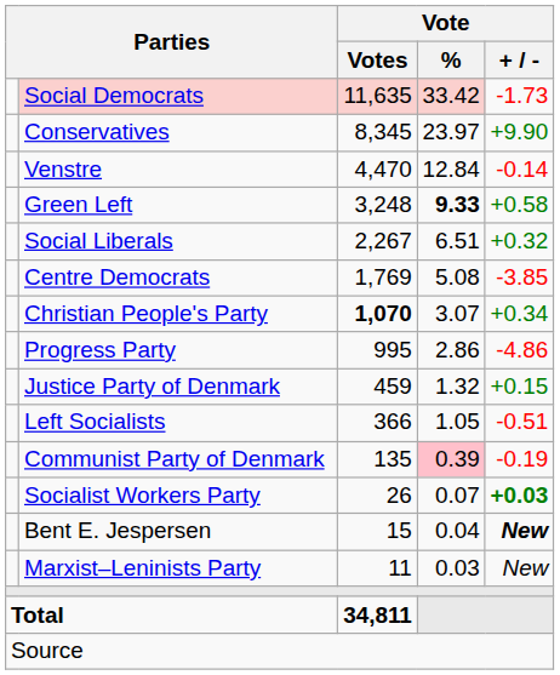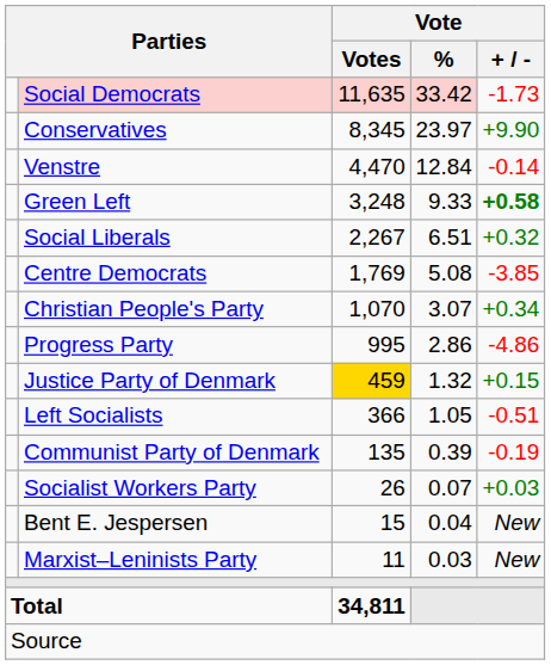 <table class="wikitable" style="text-align:right;">
 <tr>
 <th style="text-align:centre;" rowspan="2" colspan="2" width="225">Parties</th>
 <th colspan="3">Vote</th>
 </tr>
 <tr>
 <th width="15">Votes</th>
 <th width="15">%</th>
 <th width="15">+ / -</th>
 </tr>
 <tr>
 <td width="2" style="color:inherit;background:"></td>
 <td bgcolor=#fbd0ce  align="left"><a href='#'>Social Democrats</a></td>
 <td bgcolor=#fbd0ce>11,635</td>
 <td bgcolor=#fbd0ce>33.42</td>
 <td style=color:red;>-1.73</td>
 </tr>
 <tr>
 <td width="2" style="color:inherit;background:"></td>
 <td align="left"><a href='#'>Conservatives</a></td>
 <td>8,345</td>
 <td>23.97</td>
 <td style=color:green;>+9.90</td>
 </tr>
 <tr>
 <td width="2" style="color:inherit;background:"></td>
 <td align="left"><a href='#'>Venstre</a></td>
 <td>4,470</td>
 <td>12.84</td>
 <td style=color:red;>-0.14</td>
 </tr>
 <tr>
 <td width="2" style="color:inherit;background:"></td>
 <td align="left"><a href='#'>Green Left</a></td>
 <td>3,248</td>
-<td><strong>9.33</strong></td>
-<td style=color:green;>+0.58</td>
+<td>9.33</td>
+<td style=color:green;><strong>+0.58</strong></td>
 </tr>
 <tr>
 <td width="2" style="color:inherit;background:"></td>
 <td align="left"><a href='#'>Social Liberals</a></td>
 <td>2,267</td>
 <td>6.51</td>
 <td style=color:green;>+0.32</td>
 </tr>
 <tr>
 <td width="2" style="color:inherit;background:"></td>
 <td align="left"><a href='#'>Centre Democrats</a></td>
 <td>1,769</td>
 <td>5.08</td>
 <td style=color:red;>-3.85</td>
 </tr>
 <tr>
 <td width="2" style="color:inherit;background:"></td>
 <td align="left"><a href='#'>Christian People's Party</a></td>
-<td><strong>1,070</strong></td>
+<td>1,070</td>
 <td>3.07</td>
 <td style=color:green;>+0.34</td>
 </tr>
 <tr>
 <td width="2" style="color:inherit;background:"></td>
 <td align="left"><a href='#'>Progress Party</a></td>
 <td>995</td>
 <td>2.86</td>
 <td style=color:red;>-4.86</td>
 </tr>
 <tr>
 <td width="2" style="color:inherit;background:"></td>
 <td align="left"><a href='#'>Justice Party of Denmark</a></td>
-<td>459</td>
+<td style="background: gold;">459</td>
 <td>1.32</td>
 <td style=color:green;>+0.15</td>
 </tr>
 <tr>
 <td width="2" style="color:inherit;background:"></td>
 <td align="left"><a href='#'>Left Socialists</a></td>
 <td>366</td>
 <td>1.05</td>
 <td style=color:red;>-0.51</td>
 </tr>
 <tr>
 <td width="2" style="color:inherit;background:"></td>
 <td align="left"><a href='#'>Communist Party of Denmark</a></td>
 <td>135</td>
-<td style="background: pink;">0.39</td>
+<td>0.39</td>
 <td style=color:red;>-0.19</td>
 </tr>
 <tr>
 <td width="2" style="color:inherit;background:"></td>
 <td align="left"><a href='#'>Socialist Workers Party</a></td>
 <td>26</td>
 <td>0.07</td>
-<td style=color:green;><strong>+0.03</strong></td>
+<td style=color:green;>+0.03</td>
 </tr>
 <tr>
 <td width="2" style="color:inherit;background:"></td>
 <td align="left">Bent E.  Jespersen</td>
 <td>15</td>
 <td>0.04</td>
-<td><strong><em>New</em></strong></td>
+<td><em>New</em></td>
 </tr>
 <tr>
 <td width="2" style="color:inherit;background:"></td>
 <td align="left"><a href='#'>Marxist–Leninists Party</a></td>
 <td>11</td>
 <td>0.03</td>
 <td><em>New</em></td>
 </tr>
 <tr>
 <td colspan="7" bgcolor="#E9E9E9"></td>
 </tr>
 <tr>
 <td align="left" colspan="2"><strong>Total</strong></td>
 <td><strong>34,811</strong></td>
 <td bgcolor="#E9E9E9" colspan="2"></td>
 </tr>
 <tr>
 <td align="left" colspan="6">Source</td>
 </tr>
 </table>
